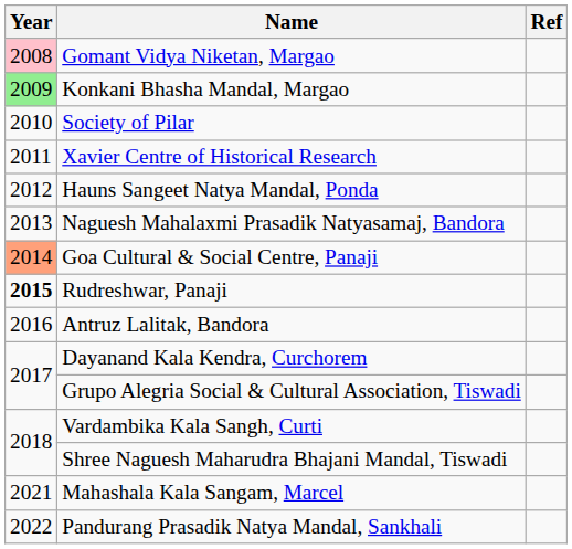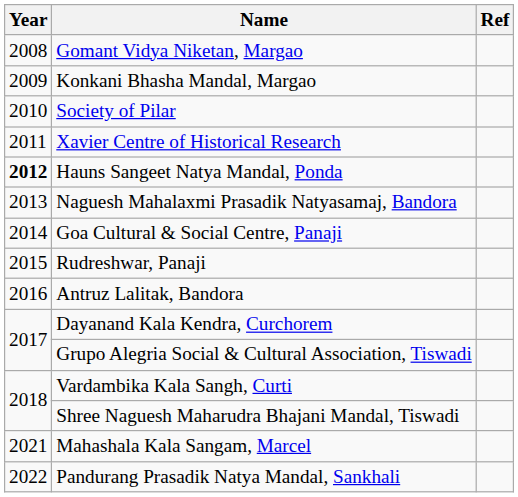 <table class="wikitable sortable">
 <tr>
 <th>Year</th>
 <th>Name</th>
 <th>Ref</th>
 </tr>
 <tr>
-<td style="background: pink;">2008</td>
+<td>2008</td>
 <td><a href='#'>Gomant Vidya Niketan</a>, <a href='#'>Margao</a></td>
 <td></td>
 </tr>
 <tr>
-<td style="background: lightgreen;">2009</td>
+<td>2009</td>
 <td>Konkani Bhasha Mandal, Margao</td>
 <td></td>
 </tr>
 <tr>
 <td>2010</td>
 <td><a href='#'>Society of Pilar</a></td>
 <td></td>
 </tr>
 <tr>
 <td>2011</td>
 <td><a href='#'>Xavier Centre of Historical Research</a></td>
 <td></td>
 </tr>
 <tr>
-<td>2012</td>
+<td><strong>2012</strong></td>
 <td>Hauns Sangeet Natya Mandal, <a href='#'>Ponda</a></td>
 <td></td>
 </tr>
 <tr>
 <td>2013</td>
 <td>Naguesh Mahalaxmi Prasadik Natyasamaj, <a href='#'>Bandora</a></td>
 <td></td>
 </tr>
 <tr>
-<td style="background: lightsalmon;">2014</td>
+<td>2014</td>
 <td>Goa Cultural & Social Centre, <a href='#'>Panaji</a></td>
 <td></td>
 </tr>
 <tr>
-<td><strong>2015</strong></td>
+<td>2015</td>
 <td>Rudreshwar, Panaji</td>
 <td></td>
 </tr>
 <tr>
 <td>2016</td>
 <td>Antruz Lalitak, Bandora</td>
 <td></td>
 </tr>
 <tr>
 <td rowspan="2">2017</td>
 <td>Dayanand Kala Kendra, <a href='#'>Curchorem</a></td>
 <td></td>
 </tr>
 <tr>
 <td>Grupo Alegria Social & Cultural Association, <a href='#'>Tiswadi</a></td>
 <td></td>
 </tr>
 <tr>
 <td rowspan="2">2018</td>
 <td>Vardambika Kala Sangh, <a href='#'>Curti</a></td>
 <td></td>
 </tr>
 <tr>
 <td>Shree Naguesh Maharudra Bhajani Mandal, Tiswadi</td>
 <td></td>
 </tr>
 <tr>
 <td>2021</td>
 <td>Mahashala Kala Sangam, <a href='#'>Marcel</a></td>
 <td></td>
 </tr>
 <tr>
 <td>2022</td>
 <td>Pandurang Prasadik Natya Mandal, <a href='#'>Sankhali</a></td>
 <td></td>
 </tr>
 </table>
